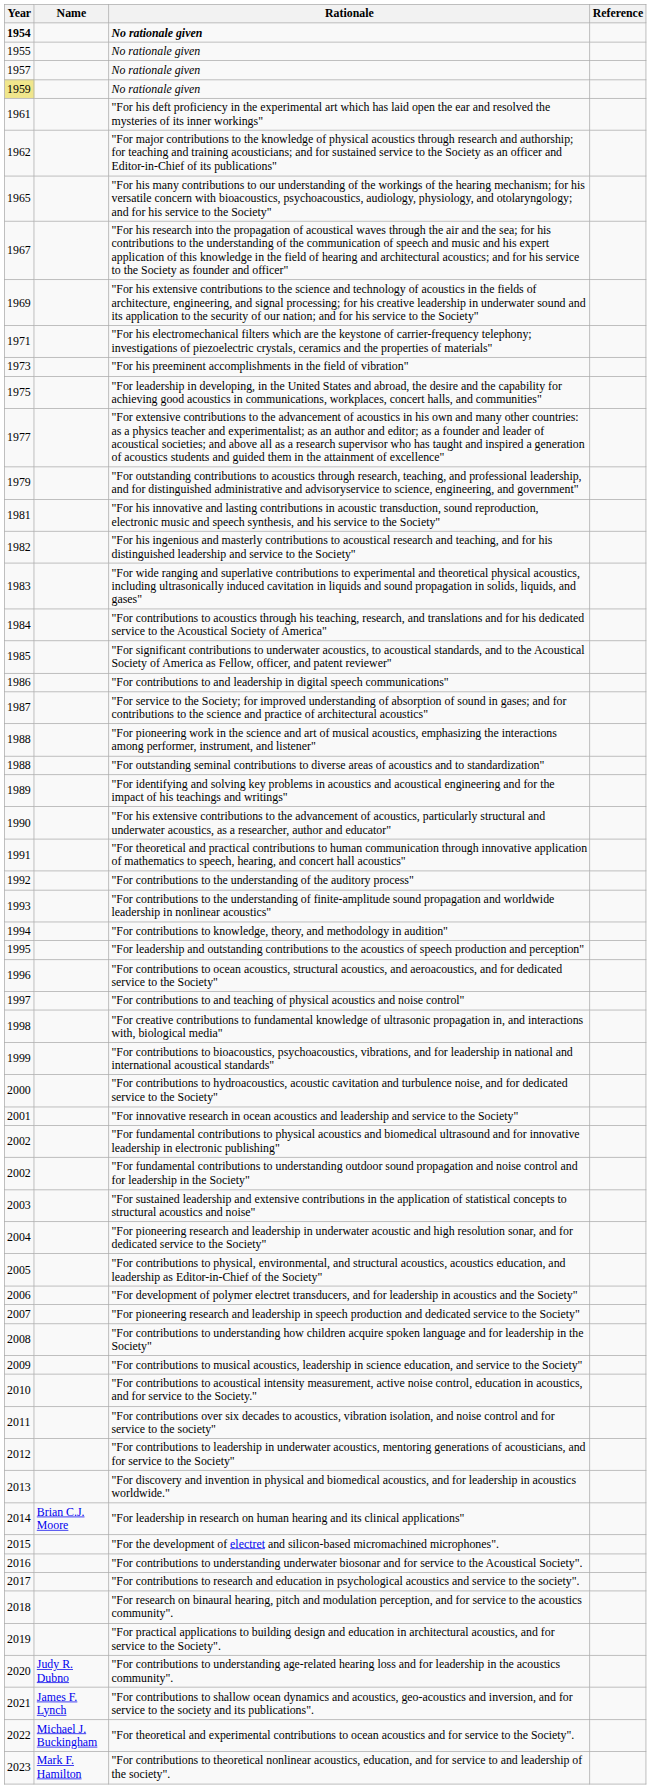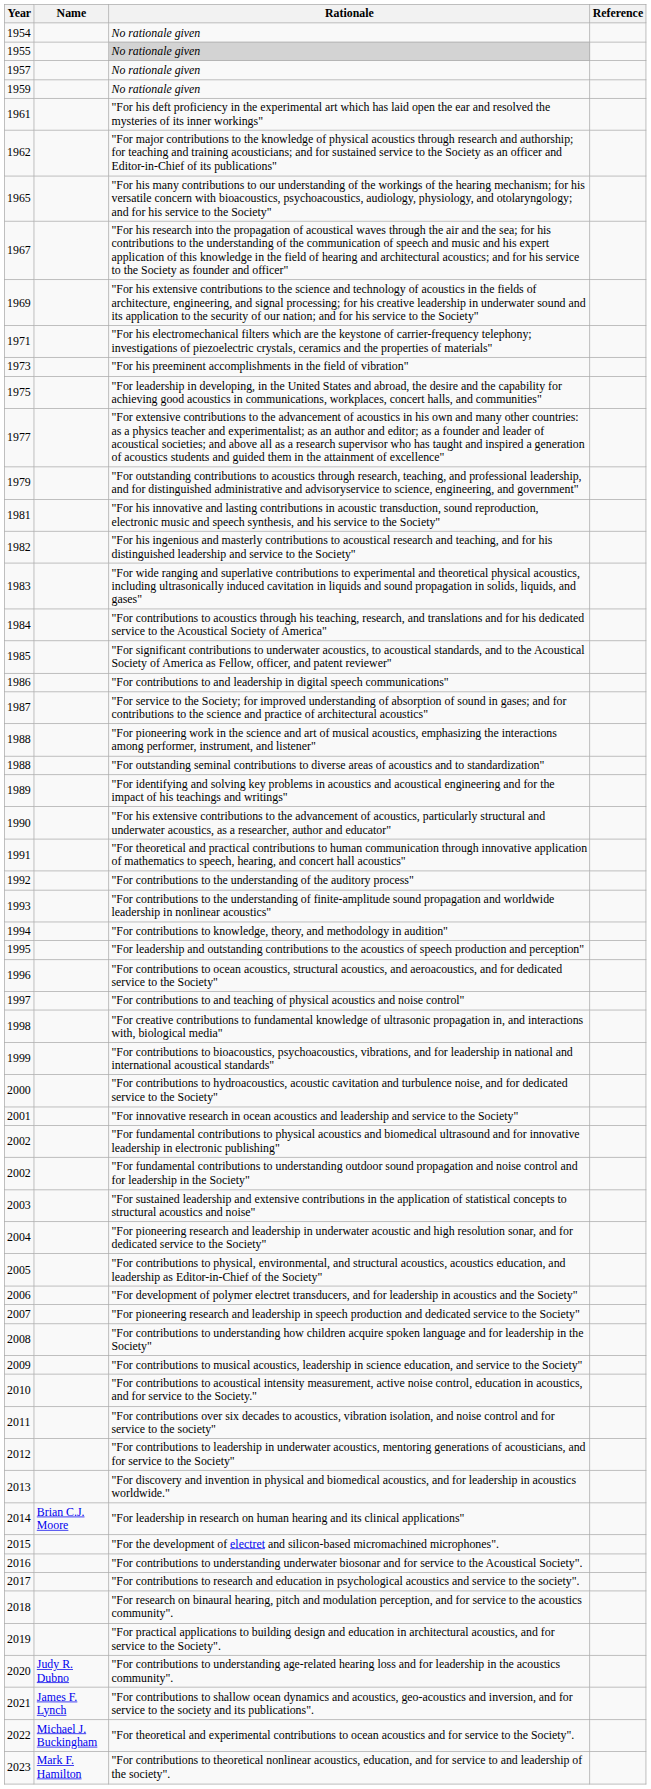 <table class="wikitable sortable" border="1" style="align:left;">
 <tr>
 <th width="40">Year</th>
 <th width="200">Name</th>
 <th width="75%" class="unsortable">Rationale</th>
 <th width="70" class="unsortable">Reference</th>
 </tr>
 <tr>
-<td><strong>1954</strong></td>
+<td>1954</td>
 <td></td>
-<td><strong><em>No rationale given</em></strong></td>
+<td><em>No rationale given</em></td>
 <td></td>
 </tr>
 <tr>
 <td>1955</td>
 <td></td>
-<td><em>No rationale given</em></td>
+<td style="background: lightgrey;"><em>No rationale given</em></td>
 <td></td>
 </tr>
 <tr>
 <td>1957</td>
 <td></td>
 <td><em>No rationale given</em></td>
 <td></td>
 </tr>
 <tr>
-<td style="background: khaki;">1959</td>
+<td>1959</td>
 <td></td>
 <td><em>No rationale given</em></td>
 <td></td>
 </tr>
 <tr>
 <td>1961</td>
 <td></td>
 <td>"For his deft proficiency in the experimental art which has laid open the ear and resolved the mysteries of its inner workings"</td>
 <td></td>
 </tr>
 <tr>
 <td>1962</td>
 <td></td>
 <td>"For major contributions to the knowledge of physical acoustics through research and authorship; for teaching and training acousticians; and for sustained service to the Society as an officer and Editor-in-Chief of its publications"</td>
 <td></td>
 </tr>
 <tr>
 <td>1965</td>
 <td></td>
 <td>"For his many contributions to our understanding of the workings of the hearing mechanism; for his versatile concern with bioacoustics, psychoacoustics, audiology, physiology, and otolaryngology; and for his service to the Society"</td>
 <td></td>
 </tr>
 <tr>
 <td>1967</td>
 <td></td>
 <td>"For his research into the propagation of acoustical waves through the air and the sea; for his contributions to the understanding of the communication of speech and music and his expert application of this knowledge in the field of hearing and architectural acoustics; and for his service to the Society as founder and officer"</td>
 <td></td>
 </tr>
 <tr>
 <td>1969</td>
 <td></td>
 <td>"For his extensive contributions to the science and technology of acoustics in the fields of architecture, engineering, and signal processing; for his creative leadership in underwater sound and its application to the security of our nation; and for his service to the Society"</td>
 <td></td>
 </tr>
 <tr>
 <td>1971</td>
 <td></td>
 <td>"For his electromechanical filters which are the keystone of carrier-frequency telephony; investigations of piezoelectric crystals, ceramics and the properties of materials"</td>
 <td></td>
 </tr>
 <tr>
 <td>1973</td>
 <td></td>
 <td>"For his preeminent accomplishments in the field of vibration"</td>
 <td></td>
 </tr>
 <tr>
 <td>1975</td>
 <td></td>
 <td>"For leadership in developing, in the United States and abroad, the desire and the capability for achieving good acoustics in communications, workplaces, concert halls, and communities"</td>
 <td></td>
 </tr>
 <tr>
 <td>1977</td>
 <td></td>
 <td>"For extensive contributions to the advancement of acoustics in his own and many other countries: as a physics teacher and experimentalist; as an author and editor; as a founder and leader of acoustical societies; and above all as a research supervisor who has taught and inspired a generation of acoustics students and guided them in the attainment of excellence"</td>
 <td></td>
 </tr>
 <tr>
 <td>1979</td>
 <td></td>
 <td>"For outstanding contributions to acoustics through research, teaching, and professional leadership, and for distinguished administrative and advisoryservice to science, engineering, and government"</td>
 <td></td>
 </tr>
 <tr>
 <td>1981</td>
 <td></td>
 <td>"For his innovative and lasting contributions in acoustic transduction, sound reproduction, electronic music and speech synthesis, and his service to the Society"</td>
 <td></td>
 </tr>
 <tr>
 <td>1982</td>
 <td></td>
 <td>"For his ingenious and masterly contributions to acoustical research and teaching, and for his distinguished leadership and service to the Society"</td>
 <td></td>
 </tr>
 <tr>
 <td>1983</td>
 <td></td>
 <td>"For wide ranging and superlative contributions to experimental and theoretical physical acoustics, including ultrasonically induced cavitation in liquids and sound propagation in solids, liquids, and gases"</td>
 <td></td>
 </tr>
 <tr>
 <td>1984</td>
 <td></td>
 <td>"For contributions to acoustics through his teaching, research, and translations and for his dedicated service to the Acoustical Society of America"</td>
 <td></td>
 </tr>
 <tr>
 <td>1985</td>
 <td></td>
 <td>"For significant contributions to underwater acoustics, to acoustical standards, and to the Acoustical Society of America as Fellow, officer, and patent reviewer"</td>
 <td></td>
 </tr>
 <tr>
 <td>1986</td>
 <td></td>
 <td>"For contributions to and leadership in digital speech communications"</td>
 <td></td>
 </tr>
 <tr>
 <td>1987</td>
 <td></td>
 <td>"For service to the Society; for improved understanding of absorption of sound in gases; and for contributions to the science and practice of architectural acoustics"</td>
 <td></td>
 </tr>
 <tr>
 <td>1988</td>
 <td></td>
 <td>"For pioneering work in the science and art of musical acoustics, emphasizing the interactions among performer, instrument, and listener"</td>
 <td></td>
 </tr>
 <tr>
 <td>1988</td>
 <td></td>
 <td>"For outstanding seminal contributions to diverse areas of acoustics and to standardization"</td>
 <td></td>
 </tr>
 <tr>
 <td>1989</td>
 <td></td>
 <td>"For identifying and solving key problems in acoustics and acoustical engineering and for the impact of his teachings and writings"</td>
 <td></td>
 </tr>
 <tr>
 <td>1990</td>
 <td></td>
 <td>"For his extensive contributions to the advancement of acoustics, particularly structural and underwater acoustics, as a researcher, author and educator"</td>
 <td></td>
 </tr>
 <tr>
 <td>1991</td>
 <td></td>
 <td>"For theoretical and practical contributions to human communication through innovative application of mathematics to speech, hearing, and concert hall acoustics"</td>
 <td></td>
 </tr>
 <tr>
 <td>1992</td>
 <td></td>
 <td>"For contributions to the understanding of the auditory process"</td>
 <td></td>
 </tr>
 <tr>
 <td>1993</td>
 <td></td>
 <td>"For contributions to the understanding of finite-amplitude sound propagation and worldwide leadership in nonlinear acoustics"</td>
 <td></td>
 </tr>
 <tr>
 <td>1994</td>
 <td></td>
 <td>"For contributions to knowledge, theory, and methodology in audition"</td>
 <td></td>
 </tr>
 <tr>
 <td>1995</td>
 <td></td>
 <td>"For leadership and outstanding contributions to the acoustics of speech production and perception"</td>
 <td></td>
 </tr>
 <tr>
 <td>1996</td>
 <td></td>
 <td>"For contributions to ocean acoustics, structural acoustics, and aeroacoustics, and for dedicated service to the Society"</td>
 <td></td>
 </tr>
 <tr>
 <td>1997</td>
 <td></td>
 <td>"For contributions to and teaching of physical acoustics and noise control"</td>
 <td></td>
 </tr>
 <tr>
 <td>1998</td>
 <td></td>
 <td>"For creative contributions to fundamental knowledge of ultrasonic propagation in, and interactions with, biological media"</td>
 <td></td>
 </tr>
 <tr>
 <td>1999</td>
 <td></td>
 <td>"For contributions to bioacoustics, psychoacoustics, vibrations, and for leadership in national and international acoustical standards"</td>
 <td></td>
 </tr>
 <tr>
 <td>2000</td>
 <td></td>
 <td>"For contributions to hydroacoustics, acoustic cavitation and turbulence noise, and for dedicated service to the Society"</td>
 <td></td>
 </tr>
 <tr>
 <td>2001</td>
 <td></td>
 <td>"For innovative research in ocean acoustics and leadership and service to the Society"</td>
 <td></td>
 </tr>
 <tr>
 <td>2002</td>
 <td></td>
 <td>"For fundamental contributions to physical acoustics and biomedical ultrasound and for innovative leadership in electronic publishing"</td>
 <td></td>
 </tr>
 <tr>
 <td>2002</td>
 <td></td>
 <td>"For fundamental contributions to understanding outdoor sound propagation and noise control and for leadership in the Society"</td>
 <td></td>
 </tr>
 <tr>
 <td>2003</td>
 <td></td>
 <td>"For sustained leadership and extensive contributions in the application of statistical concepts to structural acoustics and noise"</td>
 <td></td>
 </tr>
 <tr>
 <td>2004</td>
 <td></td>
 <td>"For pioneering research and leadership in underwater acoustic and high resolution sonar, and for dedicated service to the Society"</td>
 <td></td>
 </tr>
 <tr>
 <td>2005</td>
 <td></td>
 <td>"For contributions to physical, environmental, and structural acoustics, acoustics education, and leadership as Editor-in-Chief of the Society"</td>
 <td></td>
 </tr>
 <tr>
 <td>2006</td>
 <td></td>
 <td>"For development of polymer electret transducers, and for leadership in acoustics and the Society"</td>
 <td></td>
 </tr>
 <tr>
 <td>2007</td>
 <td></td>
 <td>"For pioneering research and leadership in speech production and dedicated service to the Society"</td>
 <td></td>
 </tr>
 <tr>
 <td>2008</td>
 <td></td>
 <td>"For contributions to understanding how children acquire spoken language and for leadership in the Society"</td>
 <td></td>
 </tr>
 <tr>
 <td>2009</td>
 <td></td>
 <td>"For contributions to musical acoustics, leadership in science education, and service to the Society"</td>
 <td></td>
 </tr>
 <tr>
 <td>2010</td>
 <td></td>
 <td>"For contributions to acoustical intensity measurement, active noise control, education in acoustics, and for service to the Society."</td>
 <td></td>
 </tr>
 <tr>
 <td>2011</td>
 <td></td>
 <td>"For contributions over six decades to acoustics, vibration isolation, and noise control and for service to the society"</td>
 <td></td>
 </tr>
 <tr>
 <td>2012</td>
 <td></td>
 <td>"For contributions to leadership in underwater acoustics, mentoring generations of acousticians, and for service to the Society"</td>
 <td></td>
 </tr>
 <tr>
 <td>2013</td>
 <td></td>
 <td>"For discovery and invention in physical and biomedical acoustics, and for leadership in acoustics worldwide."</td>
 <td></td>
 </tr>
 <tr>
 <td>2014</td>
 <td><a href='#'>Brian C.J. Moore</a></td>
 <td>"For leadership in research on human hearing and its clinical applications"</td>
 <td></td>
 </tr>
 <tr>
 <td>2015</td>
 <td></td>
 <td>"For the development of <a href='#'>electret</a> and silicon-based micromachined microphones".</td>
 <td></td>
 </tr>
 <tr>
 <td>2016</td>
 <td></td>
 <td>"For contributions to understanding underwater biosonar and for service to the Acoustical Society".</td>
 <td></td>
 </tr>
 <tr>
 <td>2017</td>
 <td></td>
 <td>"For contributions to research and education in psychological acoustics and service to the society".</td>
 <td></td>
 </tr>
 <tr>
 <td>2018</td>
 <td></td>
 <td>"For research on binaural hearing, pitch and modulation perception, and for service to the acoustics community".</td>
 <td></td>
 </tr>
 <tr>
 <td>2019</td>
 <td></td>
 <td>"For practical applications to building design and education in architectural acoustics, and for service to the Society".</td>
 <td></td>
 </tr>
 <tr>
 <td>2020</td>
 <td><a href='#'>Judy R. Dubno</a></td>
 <td>"For contributions to understanding age-related hearing loss and for leadership in the acoustics community".</td>
 <td></td>
 </tr>
 <tr>
 <td>2021</td>
 <td><a href='#'>James F. Lynch</a></td>
 <td>"For contributions to shallow ocean dynamics and acoustics, geo-acoustics and inversion, and for service to the society and its publications".</td>
 <td></td>
 </tr>
 <tr>
 <td>2022</td>
 <td><a href='#'>Michael J. Buckingham</a></td>
 <td>"For theoretical and experimental contributions to ocean acoustics and for service to the Society".</td>
 <td></td>
 </tr>
 <tr>
 <td>2023</td>
 <td><a href='#'>Mark F. Hamilton</a></td>
 <td>"For contributions to theoretical nonlinear acoustics, education, and for service to and leadership of the society".</td>
 <td></td>
 </tr>
 </table>
